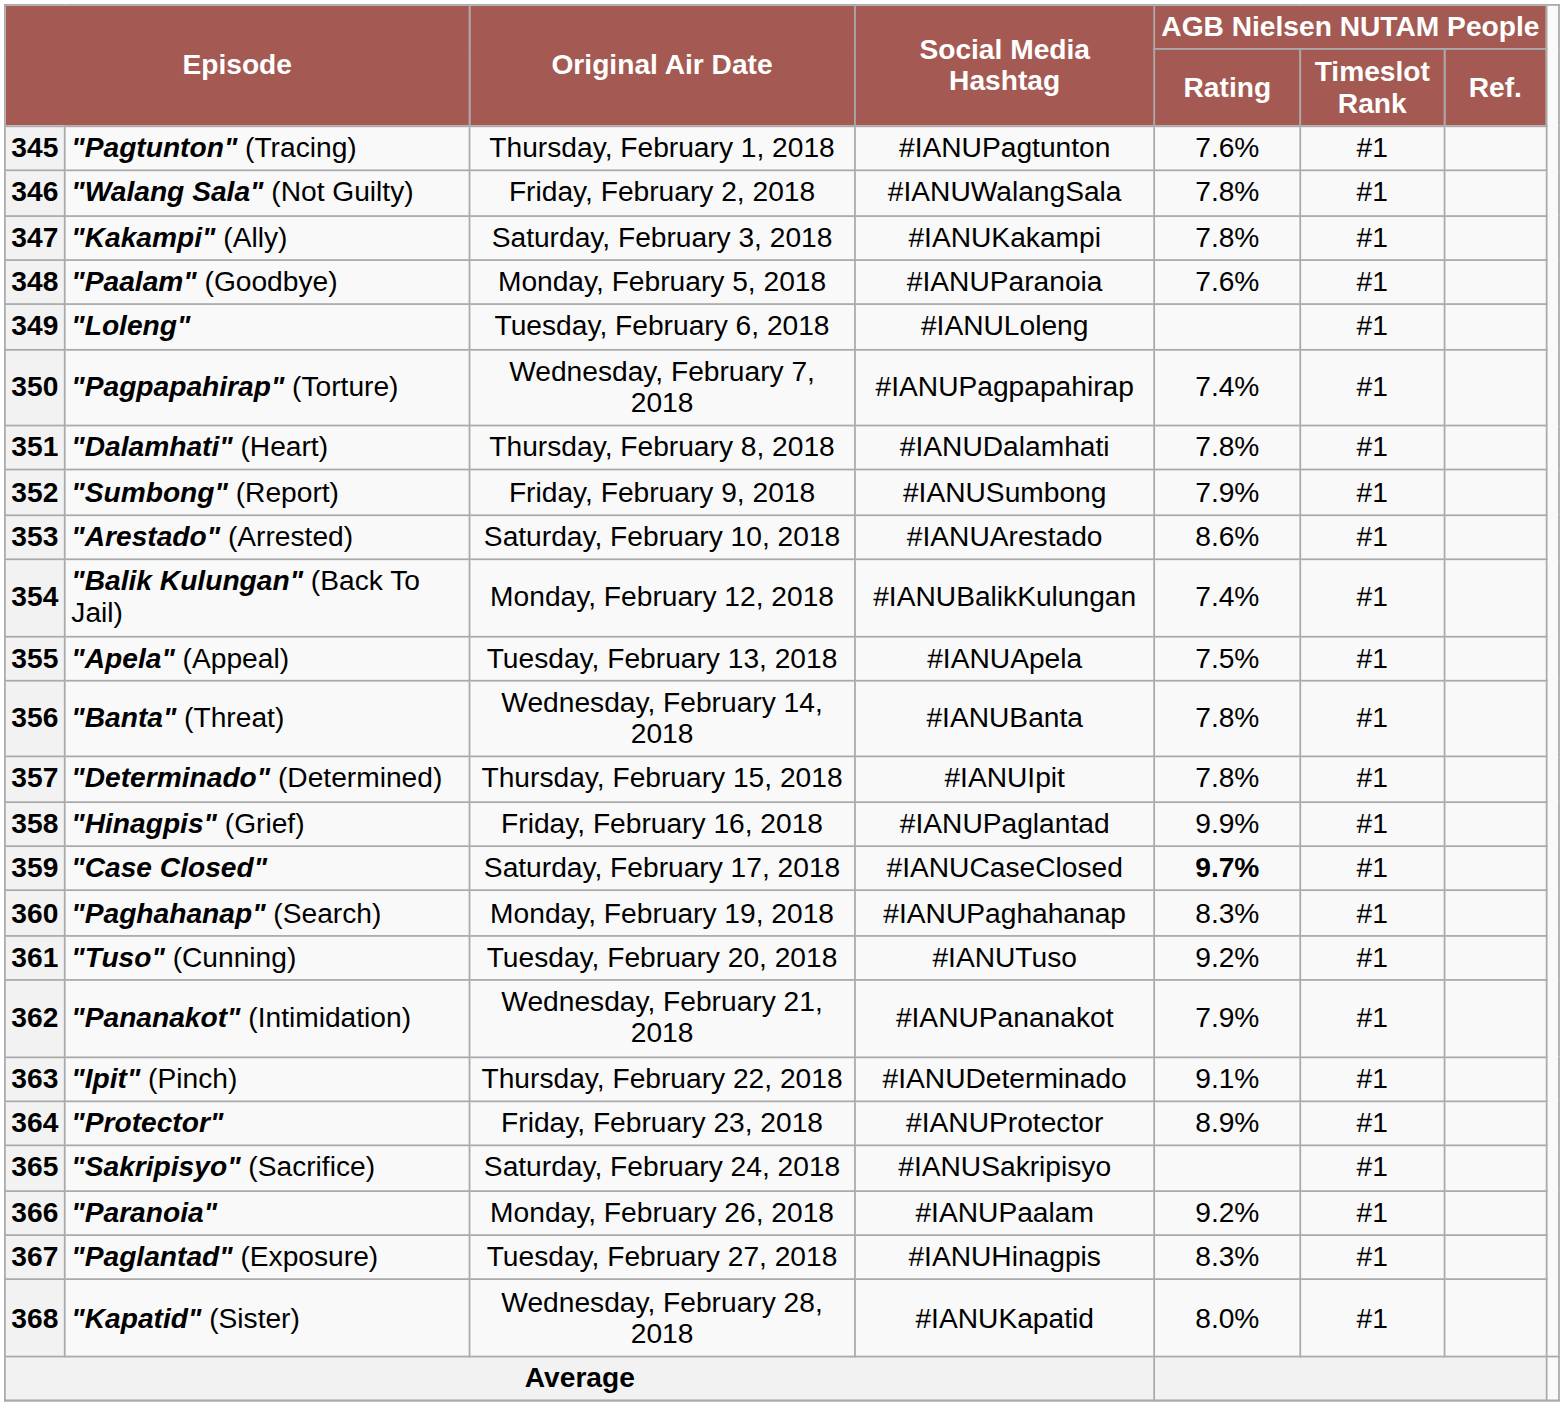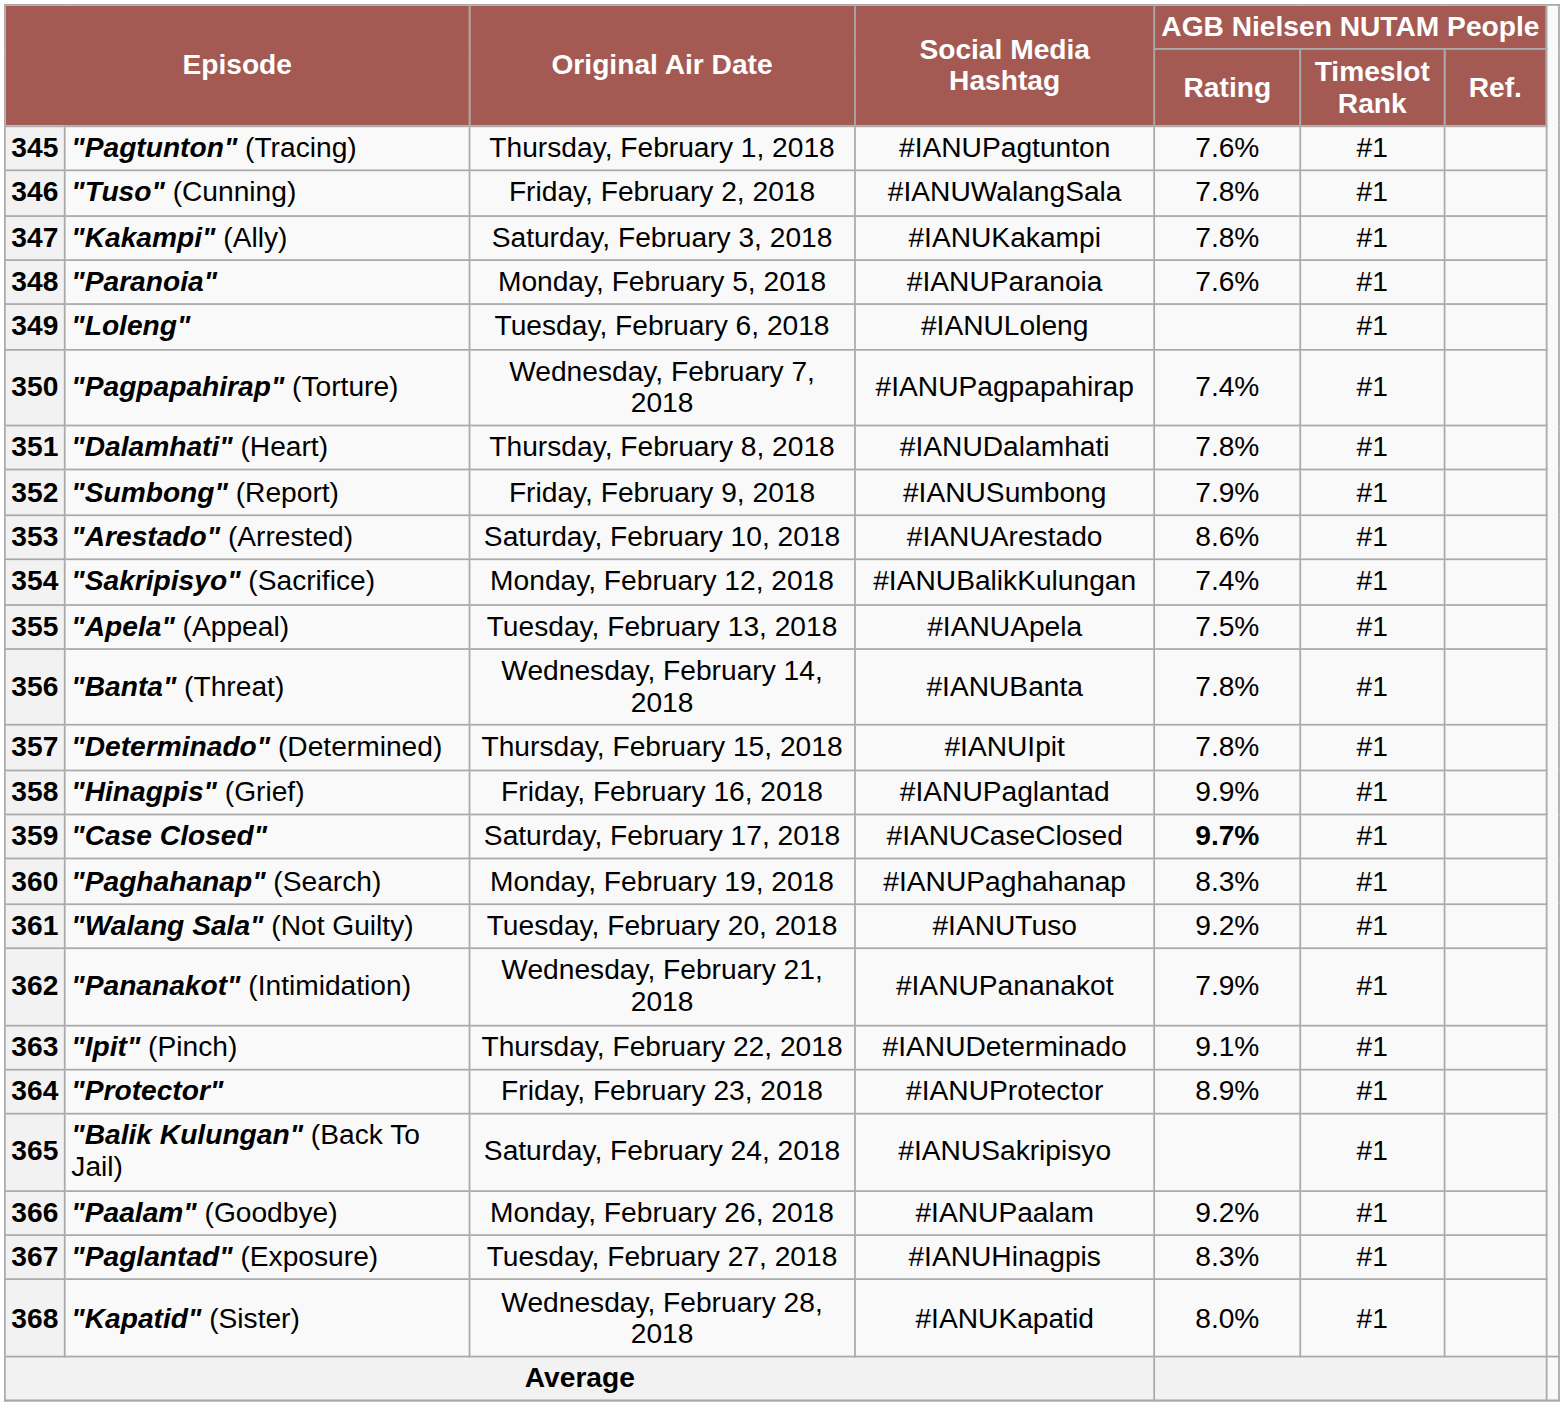 <table class="wikitable" style="text-align:center; font-size:100%; line-height:18px;"  width="100%">
 <tr>
 <th colspan="2" rowspan="2" style="background-color:#A45A52; color:#ffffff;">Episode</th>
 <th style="background:#A45A52; color:white" rowspan="2">Original Air Date</th>
 <th style="background:#A45A52; color:white" rowspan="2">Social Media Hashtag</th>
 <th style="background-color:#A45A52; color:#ffffff;" colspan="3">AGB Nielsen NUTAM People</th>
 </tr>
 <tr>
 <th style="background-color:#A45A52; width:75px; color:#ffffff;">Rating</th>
 <th style="background-color:#A45A52; width:75px; color:#ffffff;">Timeslot<br>Rank</th>
 <th style="background-color:#A45A52; color:#ffffff;">Ref.</th>
 </tr>
 <tr>
 <th>345</th>
 <td style="text-align: left;"><strong><em>"Pagtunton"</em></strong> (Tracing)</td>
 <td>Thursday, February 1, 2018</td>
 <td>#IANUPagtunton</td>
 <td>7.6%</td>
 <td>#1</td>
 <td></td>
 </tr>
 <tr>
 <th>346</th>
-<td style="text-align: left;"><strong><em>"Walang Sala"</em></strong> (Not Guilty)</td>
+<td style="text-align: left;"><strong><em>"Tuso"</em></strong> (Cunning)</td>
 <td>Friday, February 2, 2018</td>
 <td>#IANUWalangSala</td>
 <td>7.8%</td>
 <td>#1</td>
 <td></td>
 </tr>
 <tr>
 <th>347</th>
 <td style="text-align: left;"><strong><em>"Kakampi"</em></strong> (Ally)</td>
 <td>Saturday, February 3, 2018</td>
 <td>#IANUKakampi</td>
 <td>7.8%</td>
 <td>#1</td>
 <td></td>
 </tr>
 <tr>
 <th>348</th>
-<td style="text-align: left;"><strong><em>"Paalam"</em></strong> (Goodbye)</td>
+<td style="text-align: left;"><strong><em>"Paranoia"</em></strong></td>
 <td>Monday, February 5, 2018</td>
 <td>#IANUParanoia</td>
 <td>7.6%</td>
 <td>#1</td>
 <td></td>
 </tr>
 <tr>
 <th>349</th>
 <td style="text-align: left;"><strong><em>"Loleng"</em></strong></td>
 <td>Tuesday, February 6, 2018</td>
 <td>#IANULoleng</td>
 <td></td>
 <td>#1</td>
 <td></td>
 </tr>
 <tr>
 <th>350</th>
 <td style="text-align: left;"><strong><em>"Pagpapahirap"</em></strong> (Torture)</td>
 <td>Wednesday, February 7, 2018</td>
 <td>#IANUPagpapahirap</td>
 <td>7.4%</td>
 <td>#1</td>
 <td></td>
 </tr>
 <tr>
 <th>351</th>
 <td style="text-align: left;"><strong><em>"Dalamhati"</em></strong> (Heart)</td>
 <td>Thursday, February 8, 2018</td>
 <td>#IANUDalamhati</td>
 <td>7.8%</td>
 <td>#1</td>
 <td></td>
 </tr>
 <tr>
 <th>352</th>
 <td style="text-align: left;"><strong><em>"Sumbong"</em></strong> (Report)</td>
 <td>Friday, February 9, 2018</td>
 <td>#IANUSumbong</td>
 <td>7.9%</td>
 <td>#1</td>
 <td></td>
 </tr>
 <tr>
 <th>353</th>
 <td style="text-align: left;"><strong><em>"Arestado"</em></strong> (Arrested)</td>
 <td>Saturday, February 10, 2018</td>
 <td>#IANUArestado</td>
 <td>8.6%</td>
 <td>#1</td>
 <td></td>
 </tr>
 <tr>
 <th>354</th>
-<td style="text-align: left;"><strong><em>"Balik Kulungan"</em></strong> (Back To Jail)</td>
+<td style="text-align: left;"><strong><em>"Sakripisyo"</em></strong> (Sacrifice)</td>
 <td>Monday, February 12, 2018</td>
 <td>#IANUBalikKulungan</td>
 <td>7.4%</td>
 <td>#1</td>
 <td></td>
 </tr>
 <tr>
 <th>355</th>
 <td style="text-align: left;"><strong><em>"Apela"</em></strong> (Appeal)</td>
 <td>Tuesday, February 13, 2018</td>
 <td>#IANUApela</td>
 <td>7.5%</td>
 <td>#1</td>
 <td></td>
 </tr>
 <tr>
 <th>356</th>
 <td style="text-align: left;"><strong><em>"Banta"</em></strong> (Threat)</td>
 <td>Wednesday, February 14, 2018</td>
 <td>#IANUBanta</td>
 <td>7.8%</td>
 <td>#1</td>
 <td></td>
 </tr>
 <tr>
 <th>357</th>
 <td style="text-align: left;"><strong><em>"Determinado"</em></strong> (Determined)</td>
 <td>Thursday, February 15, 2018</td>
 <td>#IANUIpit</td>
 <td>7.8%</td>
 <td>#1</td>
 <td></td>
 </tr>
 <tr>
 <th>358</th>
 <td style="text-align: left;"><strong><em>"Hinagpis"</em></strong> (Grief)</td>
 <td>Friday, February 16, 2018</td>
 <td>#IANUPaglantad</td>
 <td>9.9%</td>
 <td>#1</td>
 <td></td>
 </tr>
 <tr>
 <th>359</th>
 <td style="text-align: left;"><strong><em>"Case Closed"</em></strong></td>
 <td>Saturday, February 17, 2018</td>
 <td>#IANUCaseClosed</td>
 <td><strong>9.7%</strong></td>
 <td>#1</td>
 <td></td>
 </tr>
 <tr>
 <th>360</th>
 <td style="text-align: left;"><strong><em>"Paghahanap"</em></strong> (Search)</td>
 <td>Monday, February 19, 2018</td>
 <td>#IANUPaghahanap</td>
 <td>8.3%</td>
 <td>#1</td>
 <td></td>
 </tr>
 <tr>
 <th>361</th>
-<td style="text-align: left;"><strong><em>"Tuso"</em></strong> (Cunning)</td>
+<td style="text-align: left;"><strong><em>"Walang Sala"</em></strong> (Not Guilty)</td>
 <td>Tuesday, February 20, 2018</td>
 <td>#IANUTuso</td>
 <td>9.2%</td>
 <td>#1</td>
 <td></td>
 </tr>
 <tr>
 <th>362</th>
 <td style="text-align: left;"><strong><em>"Pananakot"</em></strong> (Intimidation)</td>
 <td>Wednesday, February 21, 2018</td>
 <td>#IANUPananakot</td>
 <td>7.9%</td>
 <td>#1</td>
 <td></td>
 </tr>
 <tr>
 <th>363</th>
 <td style="text-align: left;"><strong><em>"Ipit"</em></strong> (Pinch)</td>
 <td>Thursday, February 22, 2018</td>
 <td>#IANUDeterminado</td>
 <td>9.1%</td>
 <td>#1</td>
 <td></td>
 </tr>
 <tr>
 <th>364</th>
 <td style="text-align: left;"><strong><em>"Protector"</em></strong></td>
 <td>Friday, February 23, 2018</td>
 <td>#IANUProtector</td>
 <td>8.9%</td>
 <td>#1</td>
 <td></td>
 </tr>
 <tr>
 <th>365</th>
-<td style="text-align: left;"><strong><em>"Sakripisyo"</em></strong> (Sacrifice)</td>
+<td style="text-align: left;"><strong><em>"Balik Kulungan"</em></strong> (Back To Jail)</td>
 <td>Saturday, February 24, 2018</td>
 <td>#IANUSakripisyo</td>
 <td></td>
 <td>#1</td>
 <td></td>
 </tr>
 <tr>
 <th>366</th>
-<td style="text-align: left;"><strong><em>"Paranoia"</em></strong></td>
+<td style="text-align: left;"><strong><em>"Paalam"</em></strong> (Goodbye)</td>
 <td>Monday, February 26, 2018</td>
 <td>#IANUPaalam</td>
 <td>9.2%</td>
 <td>#1</td>
 <td></td>
 </tr>
 <tr>
 <th>367</th>
 <td style="text-align: left;"><strong><em>"Paglantad"</em></strong> (Exposure)</td>
 <td>Tuesday, February 27, 2018</td>
 <td>#IANUHinagpis</td>
 <td>8.3%</td>
 <td>#1</td>
 <td></td>
 </tr>
 <tr>
 <th>368</th>
 <td style="text-align: left;"><strong><em>"Kapatid"</em></strong> (Sister)</td>
 <td>Wednesday, February 28, 2018</td>
 <td>#IANUKapatid</td>
 <td>8.0%</td>
 <td>#1</td>
 <td></td>
 </tr>
 <tr>
 <th colspan="4">Average</th>
 <th colspan="3"></th>
 <td></td>
 </tr>
 <tr>
 </tr>
 </table>
